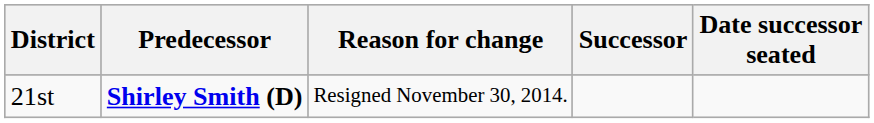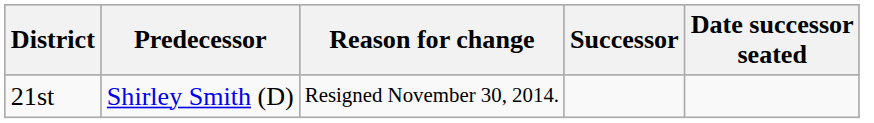 <table class="wikitable sortable">
 <tr>
 <th>District</th>
 <th>Predecessor</th>
 <th>Reason for change</th>
 <th>Successor</th>
 <th>Date successor<br>seated</th>
 </tr>
 <tr>
 <td>21st</td>
-<td><strong><a href='#'>Shirley Smith</a> (D)</strong></td>
+<td><a href='#'>Shirley Smith</a> (D)</td>
 <td style="font-size:80%">Resigned November 30, 2014.</td>
 <td></td>
 </tr>
 </table>
